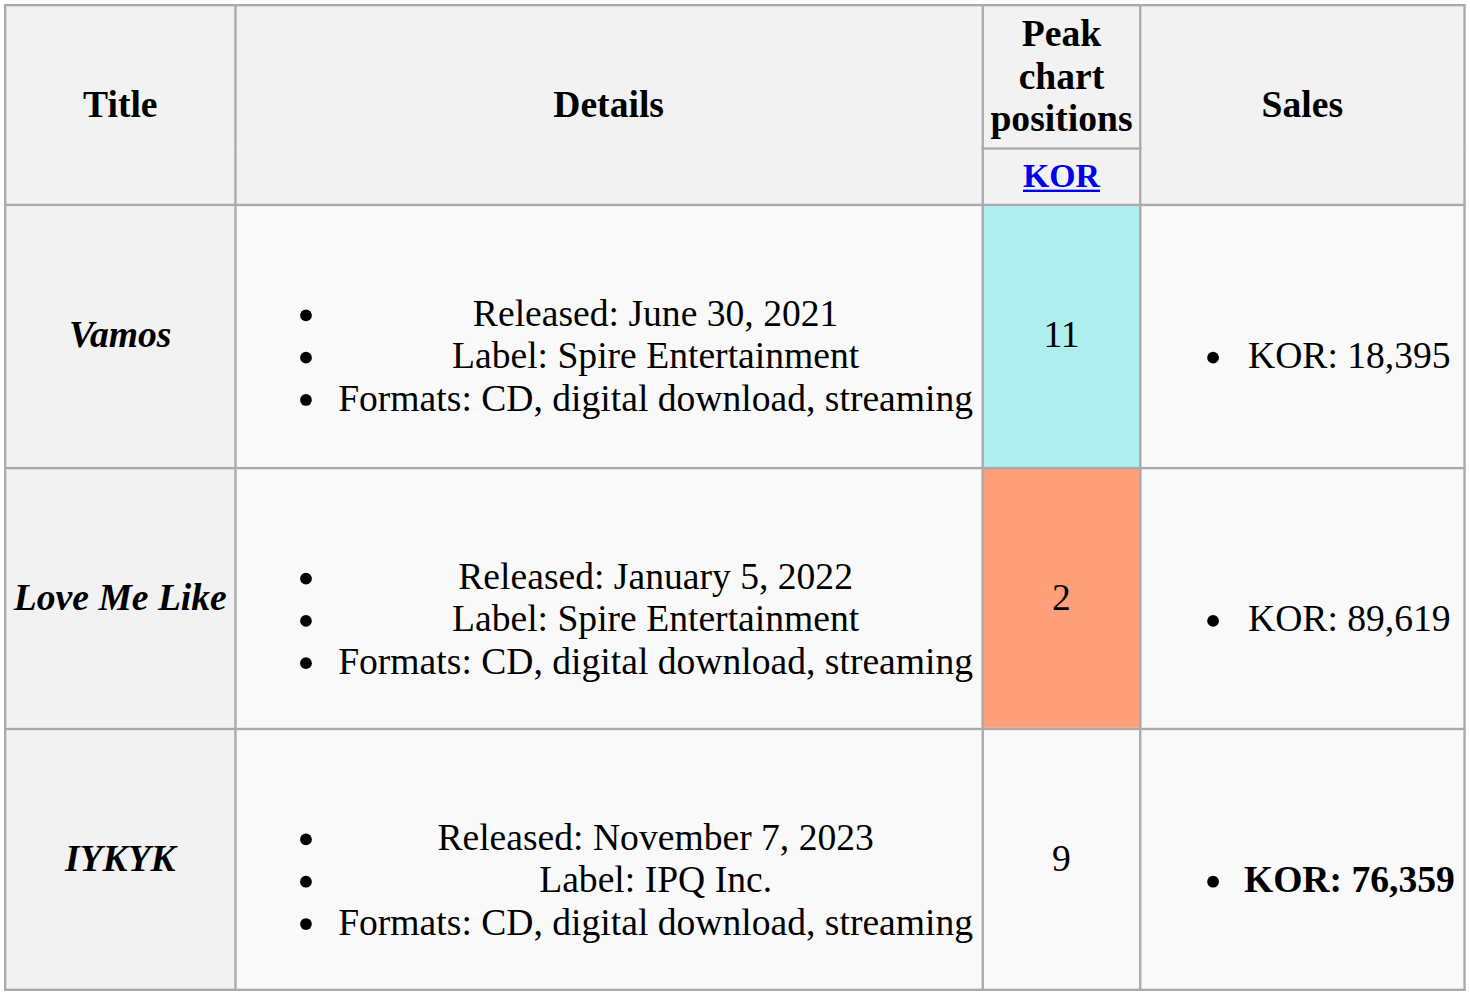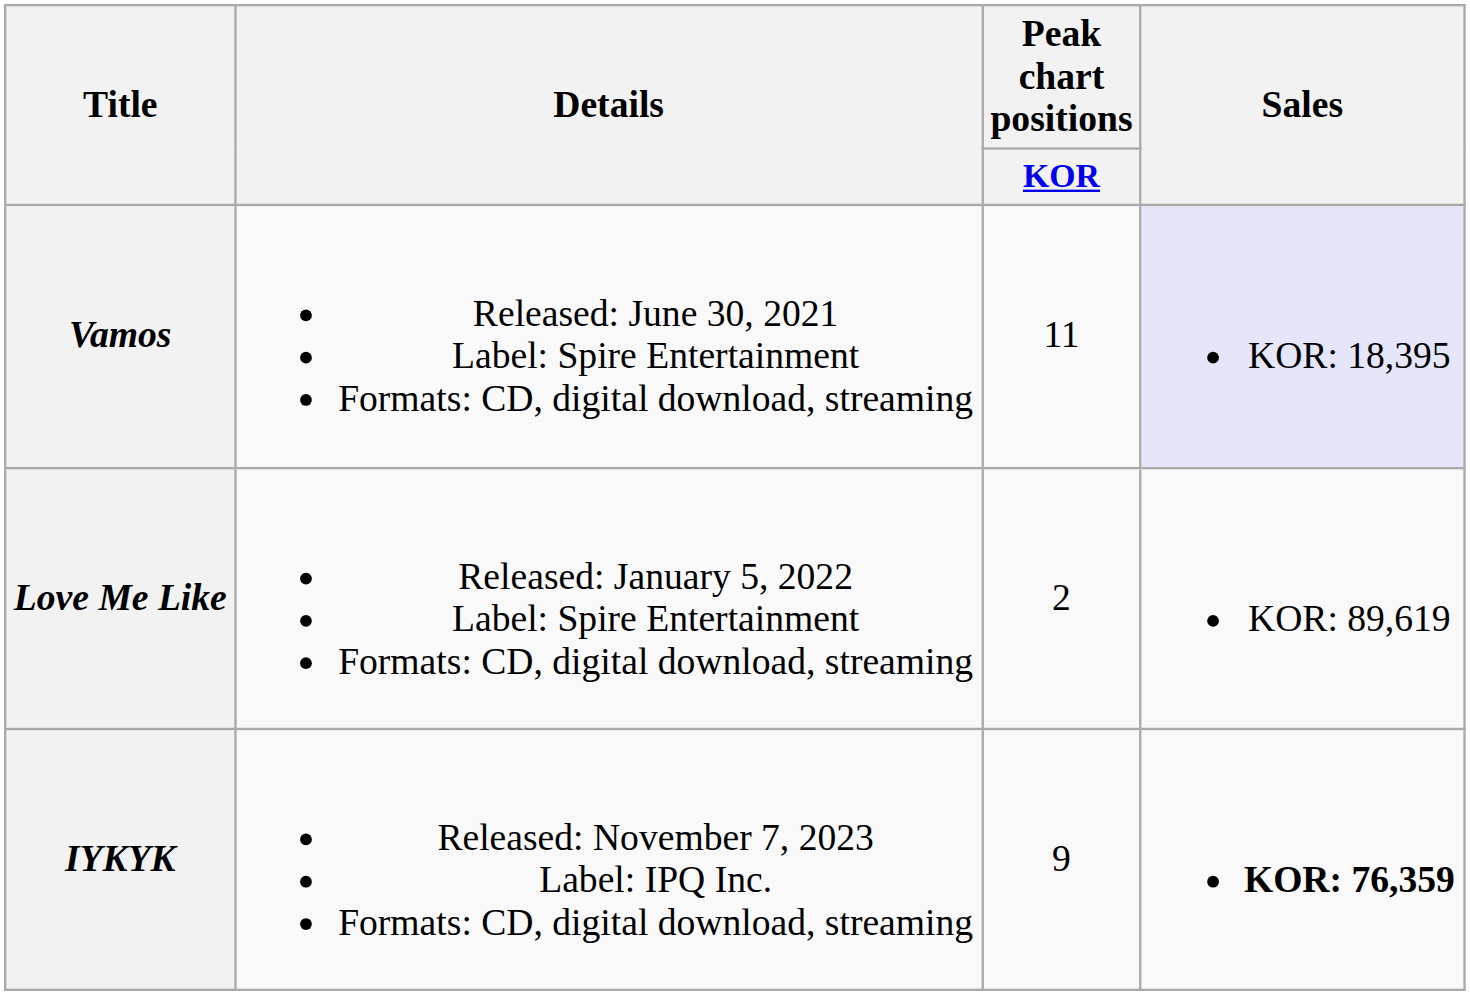 <table class="wikitable plainrowheaders" style="text-align:center;">
 <tr>
 <th scope="col" rowspan="2">Title</th>
 <th scope="col" rowspan="2">Details</th>
 <th scope="col">Peak chart positions</th>
 <th scope="col" rowspan="2">Sales</th>
 </tr>
 <tr>
 <th scope="col" style="font-size:90%; width:3em"><a href='#'>KOR</a><br></th>
 </tr>
 <tr>
 <th scope="row"><em>Vamos</em></th>
 <td><br><ul><li>Released: June 30, 2021</li><li>Label: Spire Entertainment</li><li>Formats: CD, digital download, streaming</li></ul></td>
-<td style="background: paleturquoise;">11</td>
-<td><br><ul><li>KOR: 18,395</li></ul></td>
+<td>11</td>
+<td style="background: lavender;"><br><ul><li>KOR: 18,395</li></ul></td>
 </tr>
 <tr>
 <th scope="row"><em>Love Me Like</em></th>
 <td><br><ul><li>Released: January 5, 2022</li><li>Label: Spire Entertainment</li><li>Formats: CD, digital download, streaming</li></ul></td>
-<td style="background: lightsalmon;">2</td>
+<td>2</td>
 <td><br><ul><li>KOR: 89,619</li></ul></td>
 </tr>
 <tr>
 <th scope="row"><em>IYKYK</em></th>
 <td><br><ul><li>Released: November 7, 2023</li><li>Label: IPQ Inc.</li><li>Formats: CD, digital download, streaming</li></ul></td>
 <td>9</td>
 <td><strong><br><ul><li>KOR: 76,359</li></ul></strong></td>
 </tr>
 </table>
